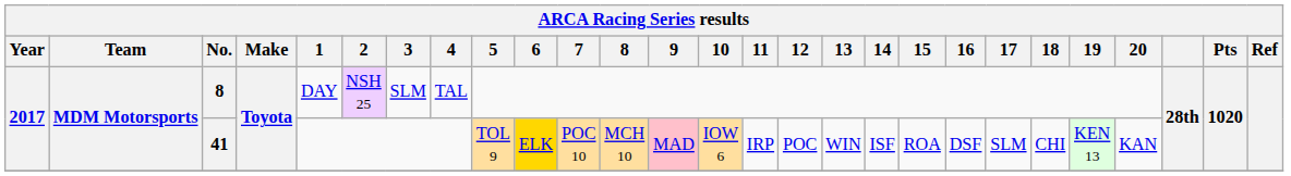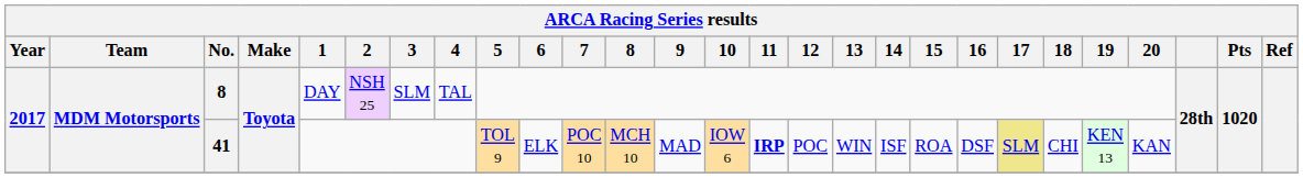 <table class="wikitable" style="text-align:center; font-size:75%">
 <tr>
 <th colspan=45><a href='#'>ARCA Racing Series</a> results</th>
 </tr>
 <tr>
 <th>Year</th>
 <th>Team</th>
 <th>No.</th>
 <th>Make</th>
 <th>1</th>
 <th>2</th>
 <th>3</th>
 <th>4</th>
 <th>5</th>
 <th>6</th>
 <th>7</th>
 <th>8</th>
 <th>9</th>
 <th>10</th>
 <th>11</th>
 <th>12</th>
 <th>13</th>
 <th>14</th>
 <th>15</th>
 <th>16</th>
 <th>17</th>
 <th>18</th>
 <th>19</th>
 <th>20</th>
 <th></th>
 <th>Pts</th>
 <th>Ref</th>
 </tr>
 <tr>
 <th rowspan=2><a href='#'>2017</a></th>
 <th rowspan=2><a href='#'>MDM Motorsports</a></th>
 <th>8</th>
 <th rowspan=2><a href='#'>Toyota</a></th>
 <td><a href='#'>DAY</a></td>
 <td style="background:#EFCFFF;"><a href='#'>NSH</a><br><small>25</small></td>
 <td><a href='#'>SLM</a></td>
 <td><a href='#'>TAL</a></td>
 <td colspan=16></td>
 <th rowspan=2>28th</th>
 <th rowspan=2>1020</th>
 <th rowspan=2></th>
 </tr>
 <tr>
 <th>41</th>
 <td colspan=4></td>
 <td style="background:#FFDF9F;"><a href='#'>TOL</a><br><small>9</small></td>
-<td style="background: gold;"><a href='#'>ELK</a></td>
+<td><a href='#'>ELK</a></td>
 <td style="background:#FFDF9F;"><a href='#'>POC</a><br><small>10</small></td>
 <td style="background:#FFDF9F;"><a href='#'>MCH</a><br><small>10</small></td>
-<td style="background: pink;"><a href='#'>MAD</a></td>
+<td><a href='#'>MAD</a></td>
 <td style="background:#FFDF9F;"><a href='#'>IOW</a><br><small>6</small></td>
-<td><a href='#'>IRP</a></td>
+<td><strong><a href='#'>IRP</a></strong></td>
 <td><a href='#'>POC</a></td>
 <td><a href='#'>WIN</a></td>
 <td><a href='#'>ISF</a></td>
 <td><a href='#'>ROA</a></td>
 <td><a href='#'>DSF</a></td>
-<td><a href='#'>SLM</a></td>
+<td style="background: khaki;"><a href='#'>SLM</a></td>
 <td><a href='#'>CHI</a></td>
 <td style="background:#DFFFDF;"><a href='#'>KEN</a><br><small>13</small></td>
 <td><a href='#'>KAN</a></td>
 </tr>
 <tr>
 </tr>
 </table>
